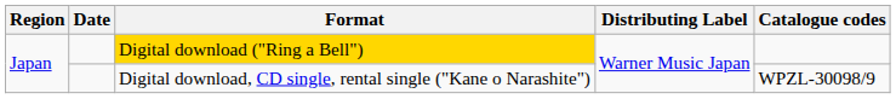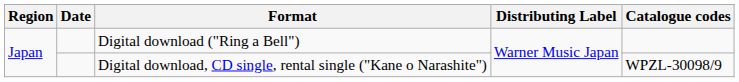 <table class="wikitable">
 <tr>
 <th>Region</th>
 <th>Date</th>
 <th>Format</th>
 <th>Distributing Label</th>
 <th>Catalogue codes</th>
 </tr>
 <tr>
 <td rowspan="2"><a href='#'>Japan</a></td>
 <td></td>
-<td style="background: gold;">Digital download ("Ring a Bell")</td>
+<td>Digital download ("Ring a Bell")</td>
 <td rowspan="2"><a href='#'>Warner Music Japan</a></td>
 <td rowspan="1"></td>
 </tr>
 <tr>
 <td></td>
 <td>Digital download, <a href='#'>CD single</a>, rental single ("Kane o Narashite")</td>
 <td rowspan="1">WPZL-30098/9</td>
 </tr>
 </table>
